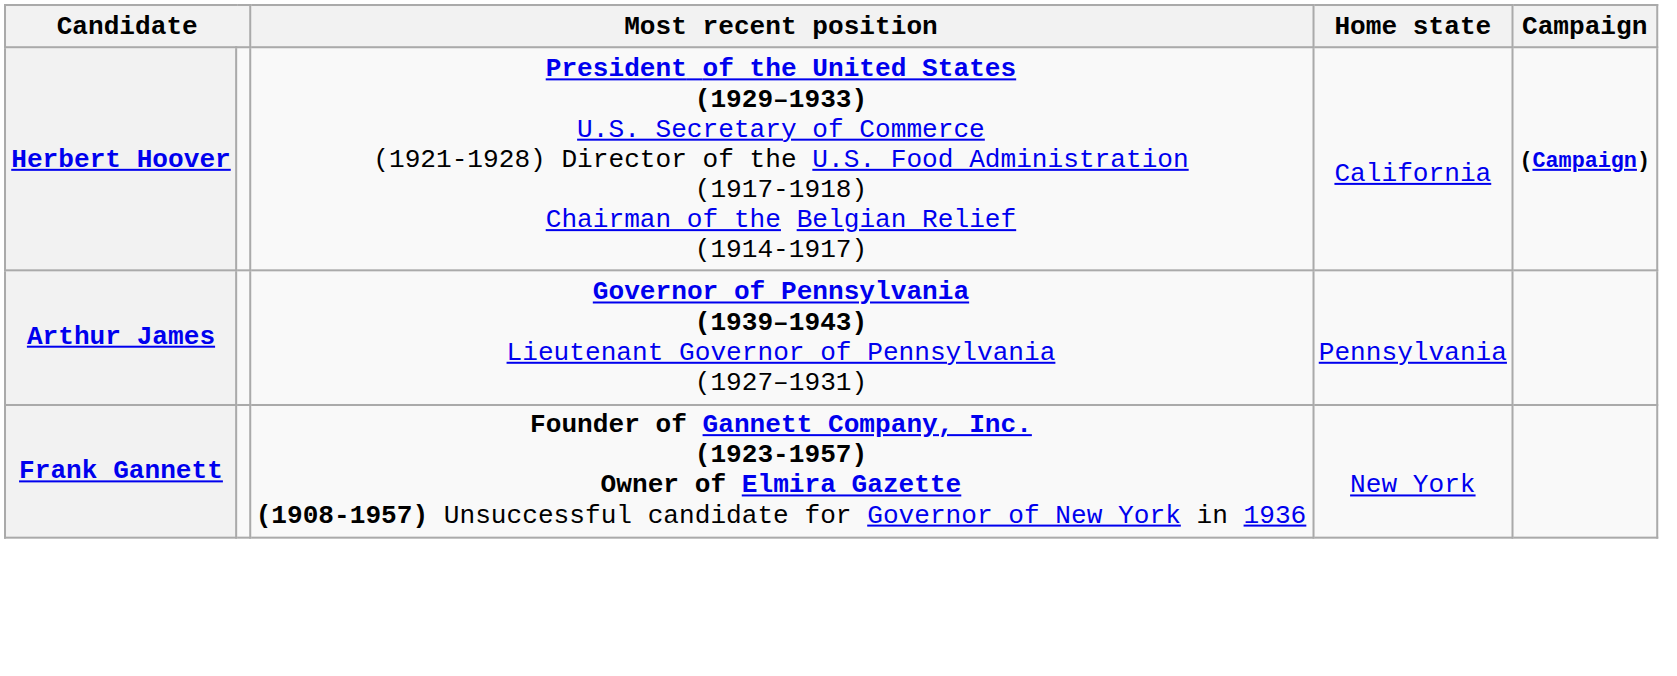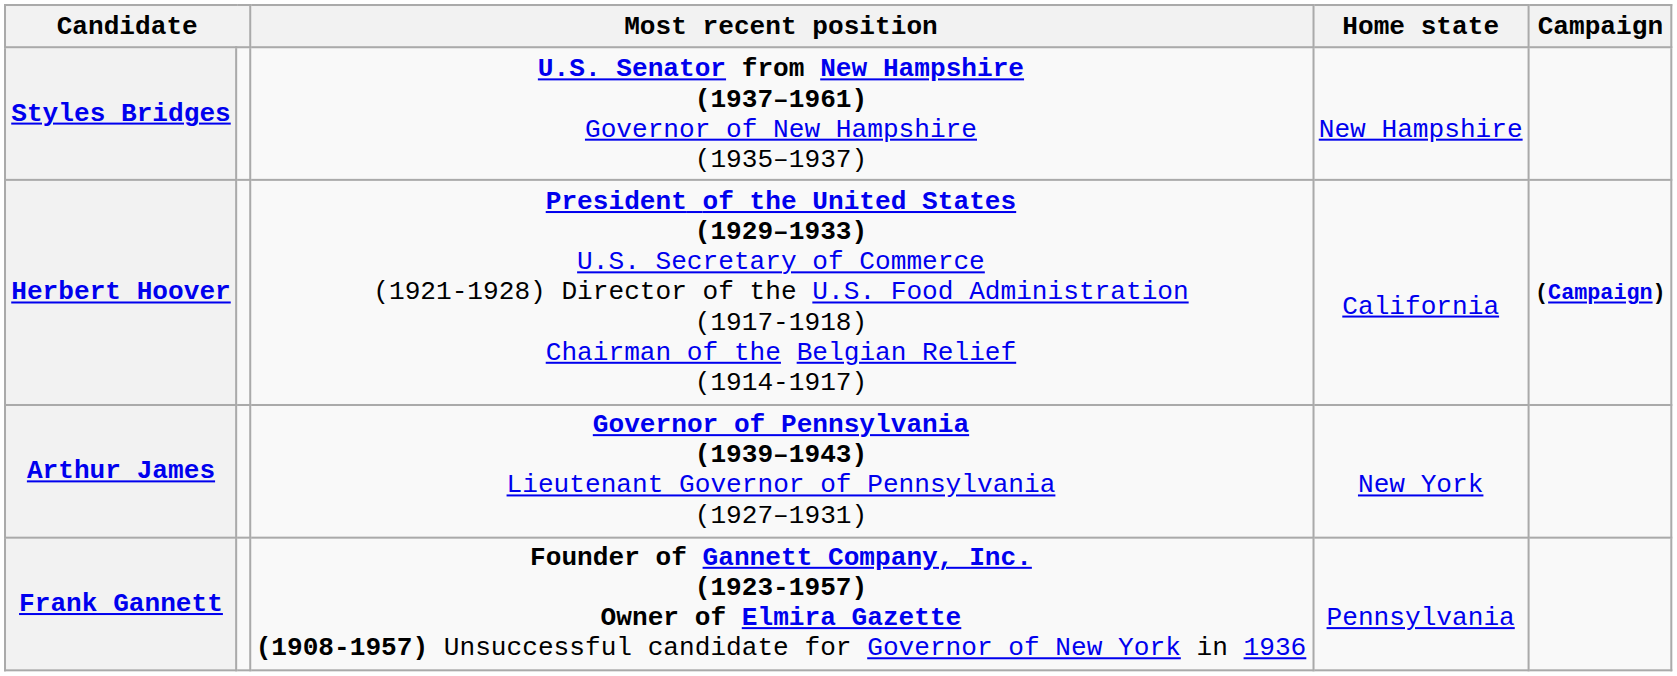 <table class="wikitable sortable" style="text-align:center;">
 <tr>
 <th colspan="2">Candidate</th>
 <th class="unsortable">Most recent position</th>
 <th>Home state</th>
 <th data-sort-type="date">Campaign</th>
+</tr>
+<tr>
+<th><a href='#'>Styles Bridges</a></th>
+<td></td>
+<td><strong><a href='#'>U.S. Senator</a> from</strong> <strong><a href='#'>New Hampshire</a></strong><br><strong>(1937–1961)</strong><br><a href='#'>Governor of New Hampshire</a><br>(1935–1937)</td>
+<td><br><a href='#'>New Hampshire</a></td>
+<td></td>
 </tr>
 <tr>
 <th data-sort-value="Hoover" scope="row"><a href='#'>Herbert Hoover</a></th>
 <td></td>
 <td><a href='#'><strong>President</strong> <strong>of the United States</strong></a><br><strong>(1929–1933)</strong><br><a href='#'>U.S. Secretary of Commerce</a><br>(1921-1928) Director of the <a href='#'>U.S. Food Administration</a><br>(1917-1918)<br><a href='#'>Chairman of the</a> <a href='#'>Belgian Relief</a><br>(1914-1917)</td>
 <td><br><a href='#'>California</a></td>
 <td data-sort-value="03-04-2016"><strong><small>(<a href='#'>Campaign</a>)</small></strong></td>
 </tr>
 <tr>
 <th><a href='#'>Arthur James</a></th>
 <td></td>
 <td><strong><a href='#'>Governor of Pennsylvania</a></strong><br><strong>(1939–1943)</strong><br><a href='#'>Lieutenant Governor of Pennsylvania</a><br>(1927–1931)</td>
-<td><br><a href='#'>Pennsylvania</a></td>
+<td><br><a href='#'>New York</a></td>
 <td></td>
 </tr>
 <tr>
 <th><a href='#'>Frank Gannett</a></th>
 <td></td>
 <td><strong>Founder of <a href='#'>Gannett Company, Inc.</a><br>(1923-1957)</strong><br><strong>Owner of <a href='#'>Elmira Gazette</a><br>(1908-1957)</strong> Unsuccessful candidate  for <a href='#'>Governor of New York</a> in <a href='#'>1936</a></td>
-<td><br><a href='#'>New York</a></td>
+<td><br><a href='#'>Pennsylvania</a></td>
 <td></td>
 </tr>
 </table>
